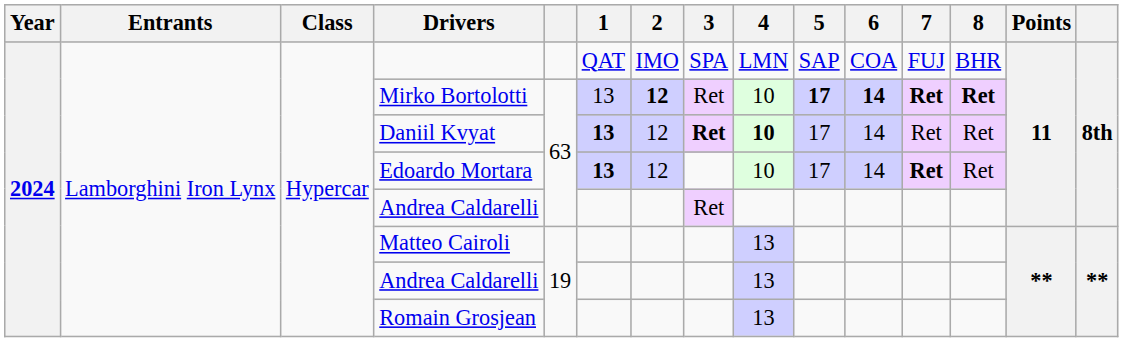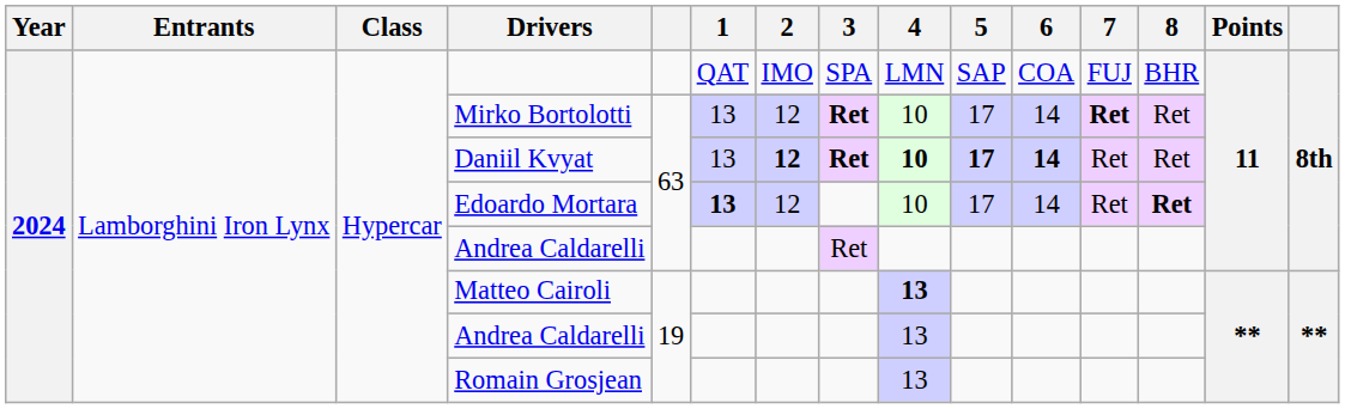 <table class="wikitable" style="text-align:center; font-size:90%">
 <tr>
 <th>Year</th>
 <th>Entrants</th>
 <th>Class</th>
 <th>Drivers</th>
 <th></th>
 <th>1</th>
 <th>2</th>
 <th>3</th>
 <th>4</th>
 <th>5</th>
 <th>6</th>
 <th>7</th>
 <th>8</th>
 <th>Points</th>
 <th></th>
 </tr>
 <tr>
 <th rowspan="8"><a href='#'>2024</a></th>
 <td rowspan="8"><a href='#'>Lamborghini</a> <a href='#'>Iron Lynx</a></td>
 <td rowspan="8"><a href='#'>Hypercar</a></td>
 <td></td>
 <td></td>
 <td><a href='#'>QAT</a></td>
 <td><a href='#'>IMO</a></td>
 <td><a href='#'>SPA</a></td>
 <td><a href='#'>LMN</a></td>
 <td><a href='#'>SAP</a></td>
 <td><a href='#'>COA</a></td>
 <td><a href='#'>FUJ</a></td>
 <td><a href='#'>BHR</a></td>
 <th rowspan=5>11</th>
 <th rowspan=5>8th</th>
 </tr>
 <tr>
 <td align="left"> <a href='#'>Mirko Bortolotti</a></td>
 <td rowspan=4>63</td>
 <td style="background:#CFCFFF;">13</td>
-<td style="background:#CFCFFF;"><strong>12</strong></td>
+<td style="background:#CFCFFF;">12</td>
+<td style="background:#EFCFFF;"><strong>Ret</strong></td>
+<td style="background:#DFFFDF;">10</td>
+<td style="background:#CFCFFF;">17</td>
+<td style="background:#CFCFFF;">14</td>
+<td style="background:#EFCFFF;"><strong>Ret</strong></td>
 <td style="background:#EFCFFF;">Ret</td>
-<td style="background:#DFFFDF;">10</td>
-<td style="background:#CFCFFF;"><strong>17</strong></td>
-<td style="background:#CFCFFF;"><strong>14</strong></td>
-<td style="background:#EFCFFF;"><strong>Ret</strong></td>
-<td style="background:#EFCFFF;"><strong>Ret</strong></td>
 </tr>
 <tr>
 <td align="left"> <a href='#'>Daniil Kvyat</a></td>
-<td style="background:#CFCFFF;"><strong>13</strong></td>
-<td style="background:#CFCFFF;">12</td>
+<td style="background:#CFCFFF;">13</td>
+<td style="background:#CFCFFF;"><strong>12</strong></td>
 <td style="background:#EFCFFF;"><strong>Ret</strong></td>
 <td style="background:#DFFFDF;"><strong>10</strong></td>
-<td style="background:#CFCFFF;">17</td>
-<td style="background:#CFCFFF;">14</td>
+<td style="background:#CFCFFF;"><strong>17</strong></td>
+<td style="background:#CFCFFF;"><strong>14</strong></td>
 <td style="background:#EFCFFF;">Ret</td>
 <td style="background:#EFCFFF;">Ret</td>
 </tr>
 <tr>
 <td align="left"> <a href='#'>Edoardo Mortara</a></td>
 <td style="background:#CFCFFF;"><strong>13</strong></td>
 <td style="background:#CFCFFF;">12</td>
 <td></td>
 <td style="background:#DFFFDF;">10</td>
 <td style="background:#CFCFFF;">17</td>
 <td style="background:#CFCFFF;">14</td>
+<td style="background:#EFCFFF;">Ret</td>
 <td style="background:#EFCFFF;"><strong>Ret</strong></td>
-<td style="background:#EFCFFF;">Ret</td>
 </tr>
 <tr>
 <td align="left"> <a href='#'>Andrea Caldarelli</a></td>
 <td></td>
 <td></td>
 <td style="background:#EFCFFF;">Ret</td>
 <td></td>
 <td></td>
 <td></td>
 <td></td>
 <td></td>
 </tr>
 <tr>
 <td align="left"> <a href='#'>Matteo Cairoli</a></td>
 <td rowspan="3">19</td>
 <td></td>
 <td></td>
 <td></td>
-<td style="background:#CFCFFF;">13</td>
+<td style="background:#CFCFFF;"><strong>13</strong></td>
 <td></td>
 <td></td>
 <td></td>
 <td></td>
 <th rowspan="3">**</th>
 <th rowspan="3">**</th>
 </tr>
 <tr>
 <td align="left"> <a href='#'>Andrea Caldarelli</a></td>
 <td></td>
 <td></td>
 <td></td>
 <td style="background:#CFCFFF;">13</td>
 <td></td>
 <td></td>
 <td></td>
 <td></td>
 </tr>
 <tr>
 <td align="left"> <a href='#'>Romain Grosjean</a></td>
 <td></td>
 <td></td>
 <td></td>
 <td style="background:#CFCFFF;">13</td>
 <td></td>
 <td></td>
 <td></td>
 <td></td>
 </tr>
 </table>
